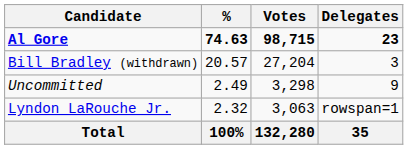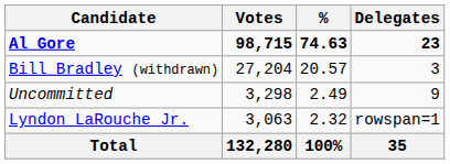 <table class="wikitable sortable" style="text-align:right;">
 <tr>
 <th>Candidate</th>
+<th>Votes</th>
 <th>%</th>
-<th>Votes</th>
 <th>Delegates</th>
 </tr>
 <tr>
 <td style="text-align:left;" data-sort-value="Gore, Al"><strong><a href='#'>Al Gore</a></strong></td>
+<td><strong>98,715</strong></td>
 <td><strong>74.63</strong></td>
-<td><strong>98,715</strong></td>
 <td><strong>23</strong></td>
 </tr>
 <tr>
 <td style="text-align:left;" data-sort-value="Bradley, Bill"><a href='#'>Bill Bradley</a> <small>(withdrawn)</small></td>
+<td>27,204</td>
 <td>20.57</td>
-<td>27,204</td>
 <td>3</td>
 </tr>
 <tr>
 <td style="text-align:left;"  data-sort-value="ZZZ"><em>Uncommitted</em></td>
+<td>3,298</td>
 <td>2.49</td>
-<td>3,298</td>
 <td>9</td>
 </tr>
 <tr>
 <td style="text-align:left;" data-sort-value="LaRouche Jr., Lyndon"><a href='#'>Lyndon LaRouche Jr.</a></td>
+<td>3,063</td>
 <td>2.32</td>
-<td>3,063</td>
 <td>rowspan=1 </td>
 </tr>
 <tr>
 <th>Total</th>
+<th>132,280</th>
 <th>100%</th>
-<th>132,280</th>
 <th>35</th>
 </tr>
 </table>
